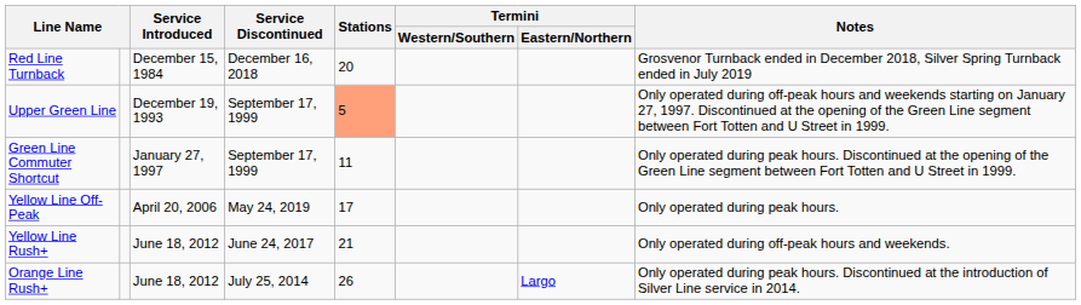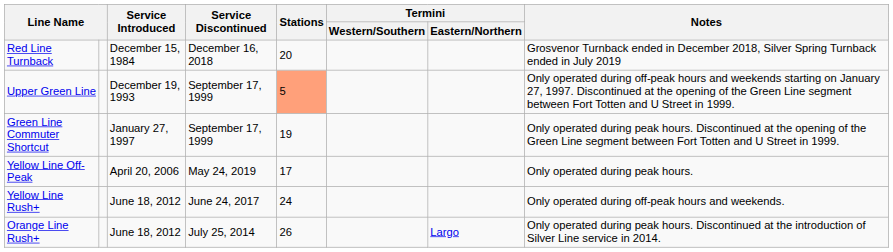 <table class="wikitable" style="margin: 0 auto; text-align:left;">
 <tr>
 <th rowspan=2 colspan="2">Line Name</th>
 <th rowspan=2>Service Introduced</th>
 <th rowspan=2>Service Discontinued</th>
 <th rowspan=2>Stations</th>
 <th colspan=2>Termini</th>
 <th rowspan=2>Notes</th>
 </tr>
 <tr>
 <th>Western/Southern</th>
 <th>Eastern/Northern</th>
 </tr>
 <tr>
 <td style="text-align:left;"> <a href='#'>Red Line Turnback</a></td>
 <td width="5" title="Red" style="background-color:#"></td>
 <td>December 15, 1984</td>
 <td>December 16, 2018</td>
 <td>20</td>
 <td></td>
 <td></td>
 <td>Grosvenor Turnback ended in December 2018, Silver Spring Turnback ended in July 2019</td>
 </tr>
 <tr>
 <td style="text-align:left;"> <a href='#'>Upper Green Line</a></td>
 <td width="5" title="Green" style="background-color:#"></td>
 <td>December 19, 1993</td>
 <td>September 17, 1999</td>
 <td style="background: lightsalmon;">5</td>
 <td></td>
 <td></td>
 <td>Only operated during off-peak hours and weekends starting on January 27, 1997. Discontinued at the opening of the Green Line segment between Fort Totten and U Street in 1999.</td>
 </tr>
 <tr>
 <td style="text-align:left;"> <a href='#'>Green Line Commuter Shortcut</a></td>
 <td width="5" title="Green" style="background-color:#"></td>
 <td>January 27, 1997</td>
 <td>September 17, 1999</td>
-<td>11</td>
+<td>19</td>
 <td></td>
 <td></td>
 <td>Only operated during peak hours. Discontinued at the opening of the Green Line segment between Fort Totten and U Street in 1999.</td>
 </tr>
 <tr>
 <td style="text-align:left;"> <a href='#'>Yellow Line Off-Peak</a></td>
 <td width="5" title="Yellow" style="background-color:#"></td>
 <td>April 20, 2006</td>
 <td>May 24, 2019</td>
 <td>17</td>
 <td></td>
 <td></td>
 <td>Only operated during peak hours.</td>
 </tr>
 <tr>
 <td style="text-align:left;"> <a href='#'>Yellow Line Rush+</a></td>
 <td width="5" title="Yellow" style="background-color:#"></td>
 <td>June 18, 2012</td>
 <td>June 24, 2017</td>
-<td>21</td>
+<td>24</td>
 <td></td>
 <td></td>
 <td>Only operated during off-peak hours and weekends.</td>
 </tr>
 <tr>
 <td style="text-align:left;"> <a href='#'>Orange Line Rush+</a></td>
 <td width="5" title="Orange" style="background-color:#"></td>
 <td>June 18, 2012</td>
 <td>July 25, 2014</td>
 <td>26</td>
 <td></td>
 <td><a href='#'>Largo</a></td>
 <td>Only operated during peak hours. Discontinued at the introduction of Silver Line service in 2014.</td>
 </tr>
 </table>
